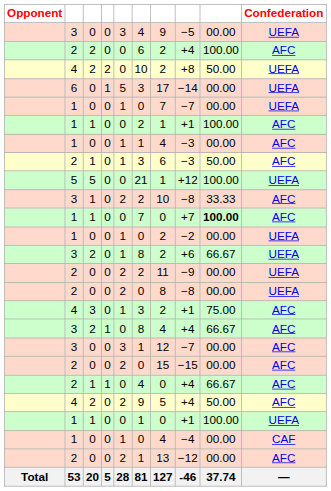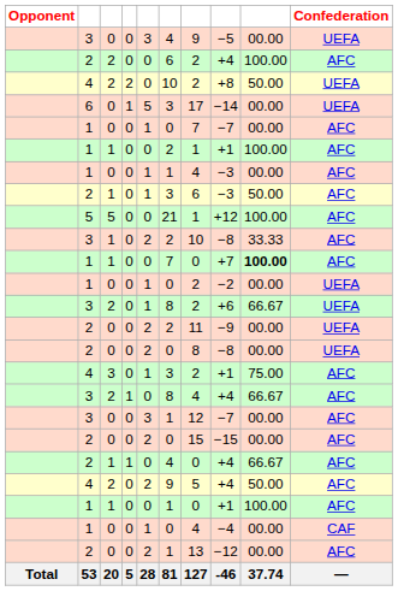 <table class="wikitable sortable" style="text-align:center;">
 <tr style="color:red">
 <th style="background-color:#FFFFFF;color:red">Opponent</th>
 <th style="background-color:#FFFFFF;"></th>
 <th style="background-color:#FFFFFF;"></th>
 <th style="background-color:#FFFFFF;"></th>
 <th style="background-color:#FFFFFF;"></th>
 <th style="background-color:#FFFFFF;"></th>
 <th style="background-color:#FFFFFF;"></th>
 <th style="background-color:#FFFFFF;"></th>
 <th style="background-color:#FFFFFF;"></th>
 <th style="background-color:#FFFFFF;color:red">Confederation</th>
 </tr>
 <tr bgcolor=FFDACC>
 <td style="text-align:left;"></td>
 <td>3</td>
 <td>0</td>
 <td>0</td>
 <td>3</td>
 <td>4</td>
 <td>9</td>
 <td>−5</td>
 <td>00.00</td>
 <td><a href='#'>UEFA</a></td>
 </tr>
 <tr bgcolor=CCFFCC>
 <td style="text-align:left;"></td>
 <td>2</td>
 <td>2</td>
 <td>0</td>
 <td>0</td>
 <td>6</td>
 <td>2</td>
 <td>+4</td>
 <td>100.00</td>
 <td><a href='#'>AFC</a></td>
 </tr>
 <tr bgcolor=FFFFCC>
 <td style="text-align:left;"></td>
 <td>4</td>
 <td>2</td>
 <td>2</td>
 <td>0</td>
 <td>10</td>
 <td>2</td>
 <td>+8</td>
 <td>50.00</td>
 <td><a href='#'>UEFA</a></td>
 </tr>
 <tr bgcolor=FFDACC>
 <td style="text-align:left;"></td>
 <td>6</td>
 <td>0</td>
 <td>1</td>
 <td>5</td>
 <td>3</td>
 <td>17</td>
 <td>−14</td>
 <td>00.00</td>
 <td><a href='#'>UEFA</a></td>
 </tr>
 <tr bgcolor=FFDACC>
 <td style="text-align:left;"></td>
 <td>1</td>
 <td>0</td>
 <td>0</td>
 <td>1</td>
 <td>0</td>
 <td>7</td>
 <td>−7</td>
 <td>00.00</td>
-<td><a href='#'>UEFA</a></td>
+<td><a href='#'>AFC</a></td>
 </tr>
 <tr bgcolor=CCFFCC>
 <td style="text-align:left;"></td>
 <td>1</td>
 <td>1</td>
 <td>0</td>
 <td>0</td>
 <td>2</td>
 <td>1</td>
 <td>+1</td>
 <td>100.00</td>
 <td><a href='#'>AFC</a></td>
 </tr>
 <tr bgcolor=FFDACC>
 <td style="text-align:left;"></td>
 <td>1</td>
 <td>0</td>
 <td>0</td>
 <td>1</td>
 <td>1</td>
 <td>4</td>
 <td>−3</td>
 <td>00.00</td>
 <td><a href='#'>AFC</a></td>
 </tr>
 <tr bgcolor=FFFFCC>
 <td style="text-align:left;"></td>
 <td>2</td>
 <td>1</td>
 <td>0</td>
 <td>1</td>
 <td>3</td>
 <td>6</td>
 <td>−3</td>
 <td>50.00</td>
 <td><a href='#'>AFC</a></td>
 </tr>
 <tr bgcolor=CCFFCC>
 <td style="text-align:left;"></td>
 <td>5</td>
 <td>5</td>
 <td>0</td>
 <td>0</td>
 <td>21</td>
 <td>1</td>
 <td>+12</td>
 <td>100.00</td>
-<td><a href='#'>UEFA</a></td>
+<td><a href='#'>AFC</a></td>
 </tr>
 <tr bgcolor=FFDACC>
 <td style="text-align:left;"></td>
 <td>3</td>
 <td>1</td>
 <td>0</td>
 <td>2</td>
 <td>2</td>
 <td>10</td>
 <td>−8</td>
 <td>33.33</td>
 <td><a href='#'>AFC</a></td>
 </tr>
 <tr bgcolor=CCFFCC>
 <td style="text-align:left;"></td>
 <td>1</td>
 <td>1</td>
 <td>0</td>
 <td>0</td>
 <td>7</td>
 <td>0</td>
 <td>+7</td>
 <td><strong>100.00</strong></td>
 <td><a href='#'>AFC</a></td>
 </tr>
 <tr bgcolor=FFDACC>
 <td style="text-align:left;"></td>
 <td>1</td>
 <td>0</td>
 <td>0</td>
 <td>1</td>
 <td>0</td>
 <td>2</td>
 <td>−2</td>
 <td>00.00</td>
 <td><a href='#'>UEFA</a></td>
 </tr>
 <tr bgcolor=CCFFCC>
 <td style="text-align:left;"></td>
 <td>3</td>
 <td>2</td>
 <td>0</td>
 <td>1</td>
 <td>8</td>
 <td>2</td>
 <td>+6</td>
 <td>66.67</td>
 <td><a href='#'>UEFA</a></td>
 </tr>
 <tr bgcolor=FFDACC>
 <td style="text-align:left;"></td>
 <td>2</td>
 <td>0</td>
 <td>0</td>
 <td>2</td>
 <td>2</td>
 <td>11</td>
 <td>−9</td>
 <td>00.00</td>
 <td><a href='#'>UEFA</a></td>
 </tr>
 <tr bgcolor=FFDACC>
 <td style="text-align:left;"></td>
 <td>2</td>
 <td>0</td>
 <td>0</td>
 <td>2</td>
 <td>0</td>
 <td>8</td>
 <td>−8</td>
 <td>00.00</td>
 <td><a href='#'>UEFA</a></td>
 </tr>
 <tr bgcolor=CCFFCC>
 <td style="text-align:left;"></td>
 <td>4</td>
 <td>3</td>
 <td>0</td>
 <td>1</td>
 <td>3</td>
 <td>2</td>
 <td>+1</td>
 <td>75.00</td>
 <td><a href='#'>AFC</a></td>
 </tr>
 <tr bgcolor=CCFFCC>
 <td style="text-align:left;"></td>
 <td>3</td>
 <td>2</td>
 <td>1</td>
 <td>0</td>
 <td>8</td>
 <td>4</td>
 <td>+4</td>
 <td>66.67</td>
 <td><a href='#'>AFC</a></td>
 </tr>
 <tr bgcolor=FFDACC>
 <td style="text-align:left;"></td>
 <td>3</td>
 <td>0</td>
 <td>0</td>
 <td>3</td>
 <td>1</td>
 <td>12</td>
 <td>−7</td>
 <td>00.00</td>
 <td><a href='#'>AFC</a></td>
 </tr>
 <tr bgcolor=FFDACC>
 <td style="text-align:left;"></td>
 <td>2</td>
 <td>0</td>
 <td>0</td>
 <td>2</td>
 <td>0</td>
 <td>15</td>
 <td>−15</td>
 <td>00.00</td>
 <td><a href='#'>AFC</a></td>
 </tr>
 <tr bgcolor=CCFFCC>
 <td style="text-align:left;"></td>
 <td>2</td>
 <td>1</td>
 <td>1</td>
 <td>0</td>
 <td>4</td>
 <td>0</td>
 <td>+4</td>
 <td>66.67</td>
 <td><a href='#'>AFC</a></td>
 </tr>
 <tr bgcolor=FFFFCC>
 <td style="text-align:left;"></td>
 <td>4</td>
 <td>2</td>
 <td>0</td>
 <td>2</td>
 <td>9</td>
 <td>5</td>
 <td>+4</td>
 <td>50.00</td>
 <td><a href='#'>AFC</a></td>
 </tr>
 <tr bgcolor=CCFFCC>
 <td style="text-align:left;"></td>
 <td>1</td>
 <td>1</td>
 <td>0</td>
 <td>0</td>
 <td>1</td>
 <td>0</td>
 <td>+1</td>
 <td>100.00</td>
-<td><a href='#'>UEFA</a></td>
+<td><a href='#'>AFC</a></td>
 </tr>
 <tr bgcolor=FFDACC>
 <td style="text-align:left;"></td>
 <td>1</td>
 <td>0</td>
 <td>0</td>
 <td>1</td>
 <td>0</td>
 <td>4</td>
 <td>−4</td>
 <td>00.00</td>
 <td><a href='#'>CAF</a></td>
 </tr>
 <tr bgcolor=FFDACC>
 <td style="text-align:left;"></td>
 <td>2</td>
 <td>0</td>
 <td>0</td>
 <td>2</td>
 <td>1</td>
 <td>13</td>
 <td>−12</td>
 <td>00.00</td>
 <td><a href='#'>AFC</a></td>
 </tr>
 <tr>
 <th>Total</th>
 <th>53</th>
 <th>20</th>
 <th>5</th>
 <th>28</th>
 <th>81</th>
 <th>127</th>
 <th>-46</th>
 <th>37.74</th>
 <th>—</th>
 </tr>
 </table>
